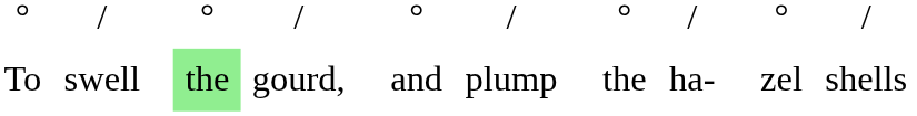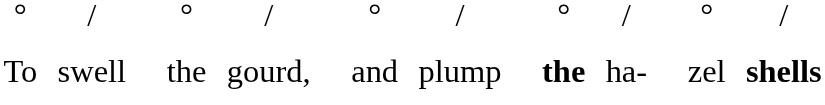 <table border=0 cellspacing=0 cellpadding=5 style="text-align: center;">
 <tr>
 <td></td>
 <td>°</td>
 <td>/</td>
 <td></td>
 <td>°</td>
 <td>/</td>
 <td></td>
 <td>°</td>
 <td>/</td>
 <td></td>
 <td>°</td>
 <td>/</td>
 <td></td>
 <td>°</td>
 <td>/</td>
 </tr>
 <tr>
 <td></td>
 <td>To</td>
 <td>swell</td>
 <td></td>
-<td style="background: lightgreen;">the</td>
+<td>the</td>
 <td>gourd,</td>
 <td></td>
 <td>and</td>
 <td>plump</td>
 <td></td>
-<td>the</td>
+<td><strong>the</strong></td>
 <td>ha-</td>
 <td></td>
 <td>zel</td>
-<td>shells</td>
+<td><strong>shells</strong></td>
 </tr>
 </table>
